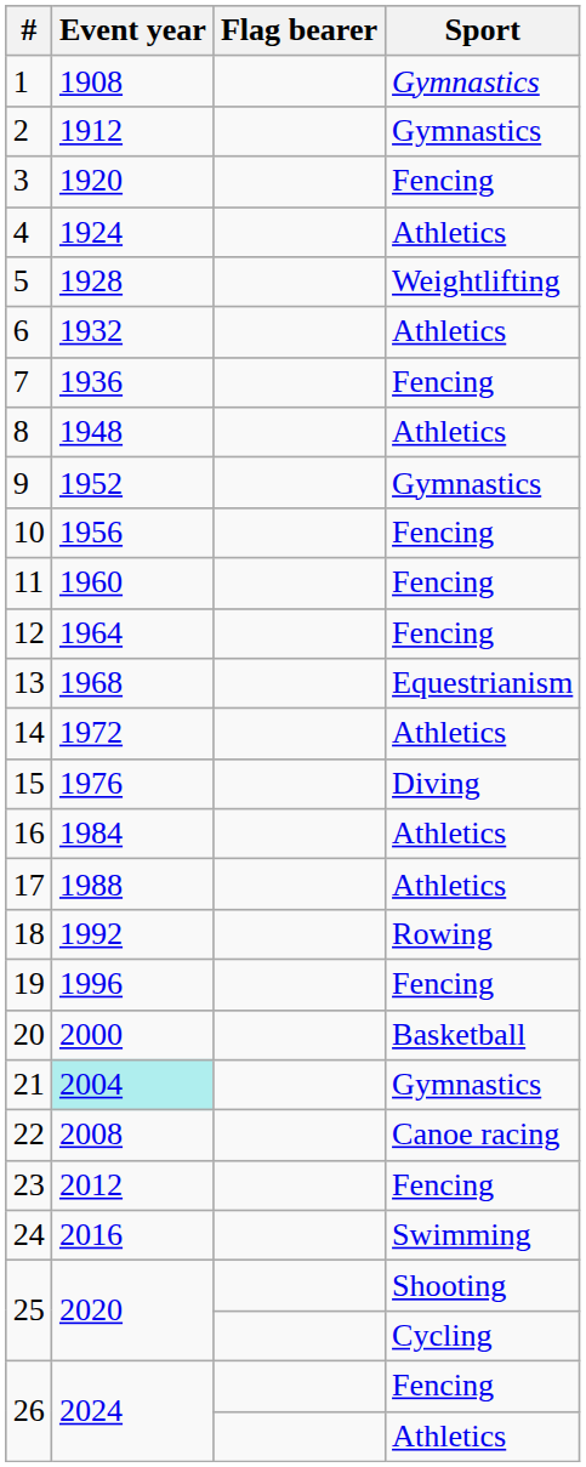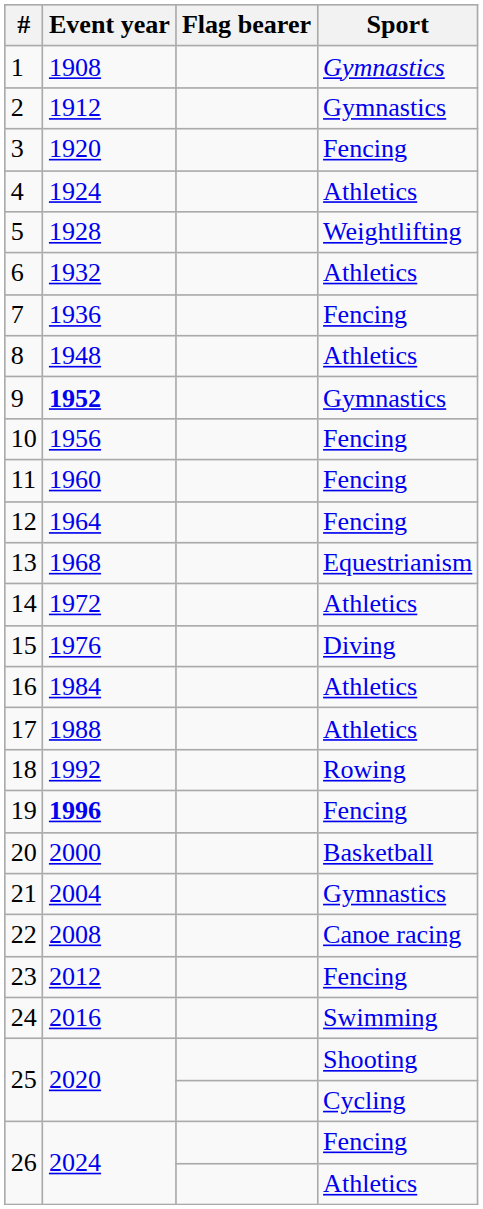 <table class="wikitable"; text-align:center;">
 <tr>
 <th>#</th>
 <th>Event year</th>
 <th>Flag bearer</th>
 <th>Sport</th>
 </tr>
 <tr>
 <td>1</td>
 <td><a href='#'>1908</a></td>
 <td></td>
 <td><em><a href='#'>Gymnastics</a></em></td>
 </tr>
 <tr>
 <td>2</td>
 <td><a href='#'>1912</a></td>
 <td></td>
 <td><a href='#'>Gymnastics</a></td>
 </tr>
 <tr>
 <td>3</td>
 <td><a href='#'>1920</a></td>
 <td></td>
 <td><a href='#'>Fencing</a></td>
 </tr>
 <tr>
 <td>4</td>
 <td><a href='#'>1924</a></td>
 <td></td>
 <td><a href='#'>Athletics</a></td>
 </tr>
 <tr>
 <td>5</td>
 <td><a href='#'>1928</a></td>
 <td></td>
 <td><a href='#'>Weightlifting</a></td>
 </tr>
 <tr>
 <td>6</td>
 <td><a href='#'>1932</a></td>
 <td></td>
 <td><a href='#'>Athletics</a></td>
 </tr>
 <tr>
 <td>7</td>
 <td><a href='#'>1936</a></td>
 <td></td>
 <td><a href='#'>Fencing</a></td>
 </tr>
 <tr>
 <td>8</td>
 <td><a href='#'>1948</a></td>
 <td></td>
 <td><a href='#'>Athletics</a></td>
 </tr>
 <tr>
 <td>9</td>
-<td><a href='#'>1952</a></td>
+<td><strong><a href='#'>1952</a></strong></td>
 <td></td>
 <td><a href='#'>Gymnastics</a></td>
 </tr>
 <tr>
 <td>10</td>
 <td><a href='#'>1956</a></td>
 <td></td>
 <td><a href='#'>Fencing</a></td>
 </tr>
 <tr>
 <td>11</td>
 <td><a href='#'>1960</a></td>
 <td></td>
 <td><a href='#'>Fencing</a></td>
 </tr>
 <tr>
 <td>12</td>
 <td><a href='#'>1964</a></td>
 <td></td>
 <td><a href='#'>Fencing</a></td>
 </tr>
 <tr>
 <td>13</td>
 <td><a href='#'>1968</a></td>
 <td></td>
 <td><a href='#'>Equestrianism</a></td>
 </tr>
 <tr>
 <td>14</td>
 <td><a href='#'>1972</a></td>
 <td></td>
 <td><a href='#'>Athletics</a></td>
 </tr>
 <tr>
 <td>15</td>
 <td><a href='#'>1976</a></td>
 <td></td>
 <td><a href='#'>Diving</a></td>
 </tr>
 <tr>
 <td>16</td>
 <td><a href='#'>1984</a></td>
 <td></td>
 <td><a href='#'>Athletics</a></td>
 </tr>
 <tr>
 <td>17</td>
 <td><a href='#'>1988</a></td>
 <td></td>
 <td><a href='#'>Athletics</a></td>
 </tr>
 <tr>
 <td>18</td>
 <td><a href='#'>1992</a></td>
 <td></td>
 <td><a href='#'>Rowing</a></td>
 </tr>
 <tr>
 <td>19</td>
-<td><a href='#'>1996</a></td>
+<td><strong><a href='#'>1996</a></strong></td>
 <td></td>
 <td><a href='#'>Fencing</a></td>
 </tr>
 <tr>
 <td>20</td>
 <td><a href='#'>2000</a></td>
 <td></td>
 <td><a href='#'>Basketball</a></td>
 </tr>
 <tr>
 <td>21</td>
-<td style="background: paleturquoise;"><a href='#'>2004</a></td>
+<td><a href='#'>2004</a></td>
 <td></td>
 <td><a href='#'>Gymnastics</a></td>
 </tr>
 <tr>
 <td>22</td>
 <td><a href='#'>2008</a></td>
 <td></td>
 <td><a href='#'>Canoe racing</a></td>
 </tr>
 <tr>
 <td>23</td>
 <td><a href='#'>2012</a></td>
 <td></td>
 <td><a href='#'>Fencing</a></td>
 </tr>
 <tr>
 <td>24</td>
 <td><a href='#'>2016</a></td>
 <td></td>
 <td><a href='#'>Swimming</a></td>
 </tr>
 <tr>
 <td rowspan=2>25</td>
 <td rowspan=2><a href='#'>2020</a></td>
 <td></td>
 <td><a href='#'>Shooting</a></td>
 </tr>
 <tr>
 <td></td>
 <td><a href='#'>Cycling</a></td>
 </tr>
 <tr>
 <td rowspan=2>26</td>
 <td rowspan=2><a href='#'>2024</a></td>
 <td></td>
 <td><a href='#'>Fencing</a></td>
 </tr>
 <tr>
 <td></td>
 <td><a href='#'>Athletics</a></td>
 </tr>
 </table>
